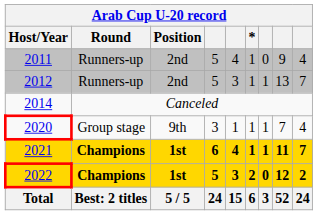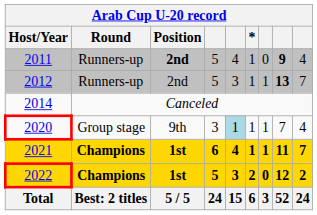 <table class="wikitable" style="text-align: center;">
 <tr>
 <th colspan=9><a href='#'>Arab Cup U-20 record</a></th>
 </tr>
 <tr>
 <th>Host/Year</th>
 <th>Round</th>
 <th>Position</th>
 <th></th>
 <th></th>
 <th>*</th>
 <th></th>
 <th></th>
 <th></th>
 </tr>
 <tr bgcolor=silver>
 <td> <a href='#'>2011</a></td>
 <td>Runners-up</td>
-<td>2nd</td>
+<td><strong>2nd</strong></td>
 <td>5</td>
 <td>4</td>
 <td>1</td>
 <td>0</td>
-<td>9</td>
+<td><strong>9</strong></td>
 <td>4</td>
 </tr>
 <tr bgcolor=silver>
 <td> <a href='#'>2012</a></td>
 <td>Runners-up</td>
 <td>2nd</td>
 <td>5</td>
 <td>3</td>
 <td>1</td>
 <td>1</td>
-<td>13</td>
+<td><strong>13</strong></td>
 <td>7</td>
 </tr>
 <tr>
 <td> <a href='#'>2014</a></td>
 <td colspan=14><em>Canceled</em></td>
 </tr>
 <tr>
 <td style="border: 3px solid red"> <a href='#'>2020</a></td>
 <td>Group stage</td>
 <td>9th</td>
 <td>3</td>
-<td>1</td>
+<td style="background: lightblue;">1</td>
 <td>1</td>
 <td>1</td>
 <td>7</td>
 <td>4</td>
 </tr>
 <tr bgcolor=gold>
 <td> <a href='#'>2021</a></td>
 <td><strong>Champions</strong></td>
 <td><strong>1st</strong></td>
 <td><strong>6</strong></td>
 <td><strong>4</strong></td>
 <td><strong>1</strong></td>
 <td><strong>1</strong></td>
 <td><strong>11</strong></td>
 <td><strong>7</strong></td>
 </tr>
 <tr bgcolor=gold>
 <td style="border: 3px solid red"> <a href='#'>2022</a></td>
 <td><strong>Champions</strong></td>
 <td><strong>1st</strong></td>
 <td><strong>5</strong></td>
 <td><strong>3</strong></td>
 <td><strong>2</strong></td>
 <td><strong>0</strong></td>
 <td><strong>12</strong></td>
 <td><strong>2</strong></td>
 </tr>
 <tr>
 <th>Total</th>
 <th>Best: 2 titles</th>
 <th>5 / 5</th>
 <th>24</th>
 <th>15</th>
 <th>6</th>
 <th>3</th>
 <th>52</th>
 <th>24</th>
 </tr>
 </table>
